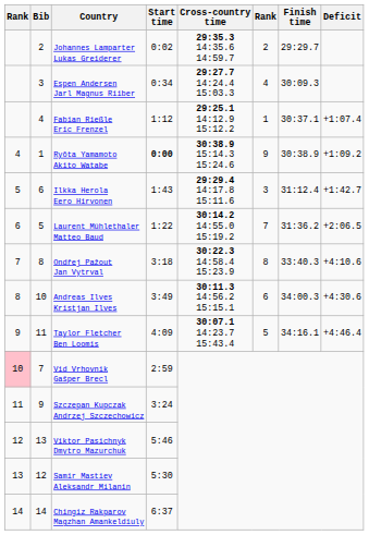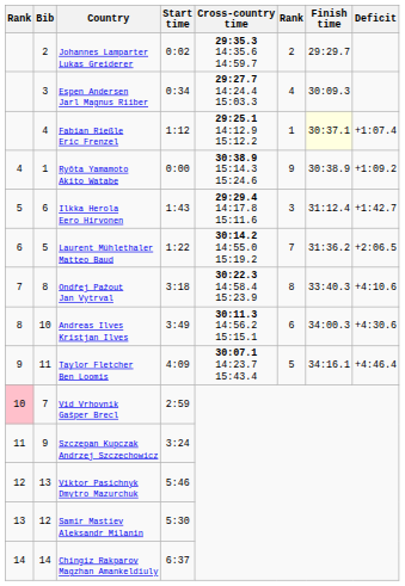 <table class="wikitable sortable" style="text-align:center">
 <tr>
 <th>Rank</th>
 <th>Bib</th>
 <th>Country</th>
 <th>Start<br>time</th>
 <th>Cross-country<br>time</th>
 <th>Rank</th>
 <th>Finish<br>time</th>
 <th>Deficit</th>
 </tr>
 <tr>
 <td></td>
 <td>2</td>
 <td align=left><br><small><a href='#'>Johannes Lamparter</a><br><a href='#'>Lukas Greiderer</a></small></td>
 <td>0:02</td>
 <td><strong>29:35.3</strong><br>14:35.6<br>14:59.7</td>
 <td>2</td>
 <td>29:29.7</td>
 <td></td>
 </tr>
 <tr>
 <td></td>
 <td>3</td>
 <td align=left><br><small><a href='#'>Espen Andersen</a><br><a href='#'>Jarl Magnus Riiber</a></small></td>
 <td>0:34</td>
 <td><strong>29:27.7</strong><br>14:24.4<br>15:03.3</td>
 <td>4</td>
 <td>30:09.3</td>
 <td></td>
 </tr>
 <tr>
 <td></td>
 <td>4</td>
 <td align=left><br><small><a href='#'>Fabian Rießle</a><br><a href='#'>Eric Frenzel</a></small></td>
 <td>1:12</td>
 <td><strong>29:25.1</strong><br>14:12.9<br>15:12.2</td>
 <td>1</td>
-<td>30:37.1</td>
+<td style="background: lightyellow;">30:37.1</td>
 <td>+1:07.4</td>
 </tr>
 <tr>
 <td>4</td>
 <td>1</td>
 <td align=left><br><small><a href='#'>Ryōta Yamamoto</a><br><a href='#'>Akito Watabe</a></small></td>
-<td><strong>0:00</strong></td>
+<td>0:00</td>
 <td><strong>30:38.9</strong><br>15:14.3<br>15:24.6</td>
 <td>9</td>
 <td>30:38.9</td>
 <td>+1:09.2</td>
 </tr>
 <tr>
 <td>5</td>
 <td>6</td>
 <td align=left><br><small><a href='#'>Ilkka Herola</a><br><a href='#'>Eero Hirvonen</a></small></td>
 <td>1:43</td>
 <td><strong>29:29.4</strong><br>14:17.8<br>15:11.6</td>
 <td>3</td>
 <td>31:12.4</td>
 <td>+1:42.7</td>
 </tr>
 <tr>
 <td>6</td>
 <td>5</td>
 <td align=left><br><small><a href='#'>Laurent Mühlethaler</a><br><a href='#'>Matteo Baud</a></small></td>
 <td>1:22</td>
 <td><strong>30:14.2</strong><br>14:55.0<br>15:19.2</td>
 <td>7</td>
 <td>31:36.2</td>
 <td>+2:06.5</td>
 </tr>
 <tr>
 <td>7</td>
 <td>8</td>
 <td align=left><br><small><a href='#'>Ondřej Pažout</a><br><a href='#'>Jan Vytrval</a></small></td>
 <td>3:18</td>
 <td><strong>30:22.3</strong><br>14:58.4<br>15:23.9</td>
 <td>8</td>
 <td>33:40.3</td>
 <td>+4:10.6</td>
 </tr>
 <tr>
 <td>8</td>
 <td>10</td>
 <td align=left><br><small><a href='#'>Andreas Ilves</a><br><a href='#'>Kristjan Ilves</a></small></td>
 <td>3:49</td>
 <td><strong>30:11.3</strong><br>14:56.2<br>15:15.1</td>
 <td>6</td>
 <td>34:00.3</td>
 <td>+4:30.6</td>
 </tr>
 <tr>
 <td>9</td>
 <td>11</td>
 <td align=left><br><small><a href='#'>Taylor Fletcher</a><br><a href='#'>Ben Loomis</a></small></td>
 <td>4:09</td>
 <td><strong>30:07.1</strong><br>14:23.7<br>15:43.4</td>
 <td>5</td>
 <td>34:16.1</td>
 <td>+4:46.4</td>
 </tr>
 <tr>
 <td style="background: pink;">10</td>
 <td>7</td>
 <td align=left><br><small><a href='#'>Vid Vrhovnik</a><br><a href='#'>Gašper Brecl</a></small></td>
 <td>2:59</td>
 <td colspan=4 rowspan=5></td>
 </tr>
 <tr>
 <td>11</td>
 <td>9</td>
 <td align=left><br><small><a href='#'>Szczepan Kupczak</a><br><a href='#'>Andrzej Szczechowicz</a></small></td>
 <td>3:24</td>
 </tr>
 <tr>
 <td>12</td>
 <td>13</td>
 <td align=left><br><small><a href='#'>Viktor Pasichnyk</a><br><a href='#'>Dmytro Mazurchuk</a></small></td>
 <td>5:46</td>
 </tr>
 <tr>
 <td>13</td>
 <td>12</td>
 <td align=left><br><small><a href='#'>Samir Mastiev</a><br><a href='#'>Aleksandr Milanin</a></small></td>
 <td>5:30</td>
 </tr>
 <tr>
 <td>14</td>
 <td>14</td>
 <td align=left><br><small><a href='#'>Chingiz Rakparov</a><br><a href='#'>Magzhan Amankeldiuly</a></small></td>
 <td>6:37</td>
 </tr>
 </table>
